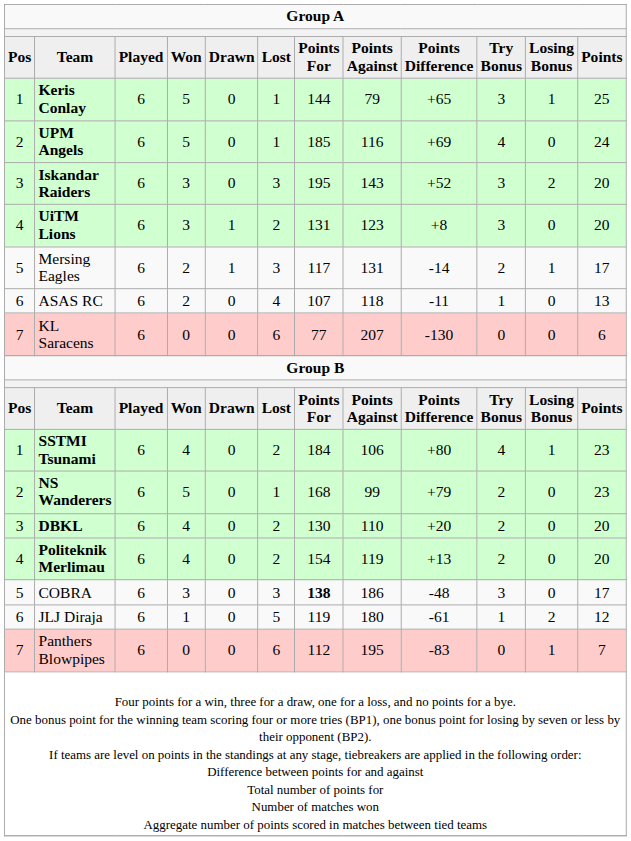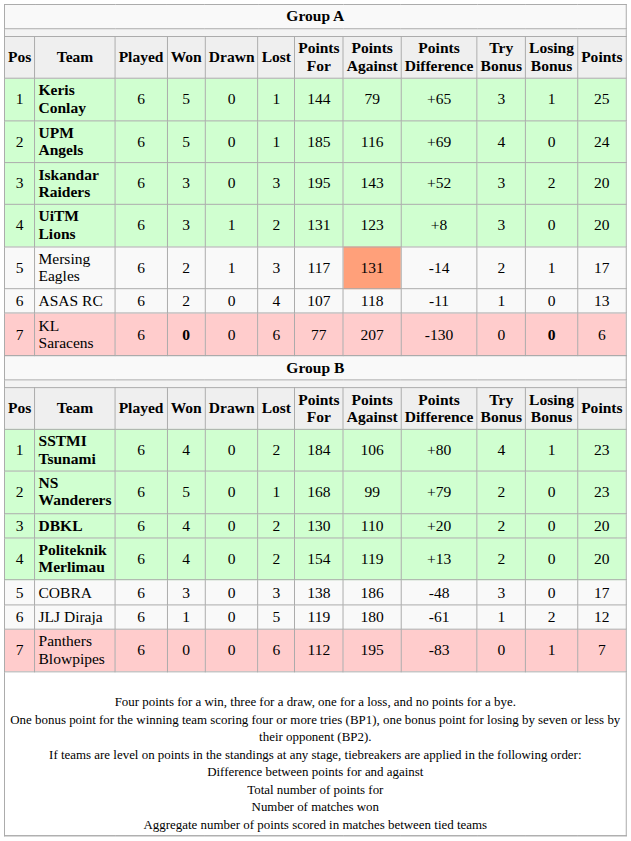 <table class="wikitable" style="text-align: center;">
 <tr bgcolor="#f9f9f9">
 <td colspan="15" cellpadding="0" cellspacing="0"><strong>Group A</strong></td>
 </tr>
 <tr bgcolor="#f3f3f3">
 <td colspan="15" cellpadding="0" cellspacing="0"></td>
 </tr>
 <tr style="font-weight: bold;">
 <td bgcolor="#efefef" width="20">Pos</td>
 <td bgcolor="#efefef" width="195">Team</td>
 <td bgcolor="#efefef" width="20">Played</td>
 <td bgcolor="#efefef" width="20">Won</td>
 <td bgcolor="#efefef" width="20">Drawn</td>
 <td bgcolor="#efefef" width="20">Lost</td>
 <td bgcolor="#efefef" width="20">Points For</td>
 <td bgcolor="#efefef" width="20">Points Against</td>
 <td bgcolor="#efefef" width="20">Points Difference</td>
 <td bgcolor="#efefef" width="20">Try Bonus</td>
 <td bgcolor="#efefef" width="20">Losing Bonus</td>
 <td bgcolor="#efefef" width="20">Points<br></td>
 </tr>
 <tr bgcolor=#d0ffd0 align=center>
 <td>1</td>
 <td align=left><strong>Keris Conlay</strong></td>
 <td>6</td>
 <td>5</td>
 <td>0</td>
 <td>1</td>
 <td>144</td>
 <td>79</td>
 <td>+65</td>
 <td>3</td>
 <td>1</td>
 <td>25</td>
 </tr>
 <tr bgcolor=#d0ffd0 align=center>
 <td>2</td>
 <td align=left><strong>UPM Angels</strong></td>
 <td>6</td>
 <td>5</td>
 <td>0</td>
 <td>1</td>
 <td>185</td>
 <td>116</td>
 <td>+69</td>
 <td>4</td>
 <td>0</td>
 <td>24</td>
 </tr>
 <tr bgcolor=#d0ffd0 align=center>
 <td>3</td>
 <td align=left><strong>Iskandar Raiders</strong></td>
 <td>6</td>
 <td>3</td>
 <td>0</td>
 <td>3</td>
 <td>195</td>
 <td>143</td>
 <td>+52</td>
 <td>3</td>
 <td>2</td>
 <td>20</td>
 </tr>
 <tr bgcolor=#d0ffd0 align=center>
 <td>4</td>
 <td align=left><strong>UiTM Lions</strong></td>
 <td>6</td>
 <td>3</td>
 <td>1</td>
 <td>2</td>
 <td>131</td>
 <td>123</td>
 <td>+8</td>
 <td>3</td>
 <td>0</td>
 <td>20</td>
 </tr>
 <tr align=center>
 <td>5</td>
 <td align=left>Mersing Eagles</td>
 <td>6</td>
 <td>2</td>
 <td>1</td>
 <td>3</td>
 <td>117</td>
-<td>131</td>
+<td style="background: lightsalmon;">131</td>
 <td>-14</td>
 <td>2</td>
 <td>1</td>
 <td>17</td>
 </tr>
 <tr align=center>
 <td>6</td>
 <td align=left>ASAS RC</td>
 <td>6</td>
 <td>2</td>
 <td>0</td>
 <td>4</td>
 <td>107</td>
 <td>118</td>
 <td>-11</td>
 <td>1</td>
 <td>0</td>
 <td>13</td>
 </tr>
 <tr bgcolor=#FFCCCC align=center>
 <td>7</td>
 <td align=left>KL Saracens</td>
 <td>6</td>
-<td>0</td>
+<td><strong>0</strong></td>
 <td>0</td>
 <td>6</td>
 <td>77</td>
 <td>207</td>
 <td>-130</td>
 <td>0</td>
-<td>0</td>
+<td><strong>0</strong></td>
 <td>6</td>
 </tr>
 <tr>
 </tr>
 <tr bgcolor="#f9f9f9">
 <td colspan="15" cellpadding="0" cellspacing="0"><strong>Group B</strong></td>
 </tr>
 <tr bgcolor="#f3f3f3">
 <td colspan="15" cellpadding="0" cellspacing="0"></td>
 </tr>
 <tr style="font-weight: bold;">
 <td bgcolor="#efefef" width="20">Pos</td>
 <td bgcolor="#efefef" width="195">Team</td>
 <td bgcolor="#efefef" width="20">Played</td>
 <td bgcolor="#efefef" width="20">Won</td>
 <td bgcolor="#efefef" width="20">Drawn</td>
 <td bgcolor="#efefef" width="20">Lost</td>
 <td bgcolor="#efefef" width="20">Points For</td>
 <td bgcolor="#efefef" width="20">Points Against</td>
 <td bgcolor="#efefef" width="20">Points Difference</td>
 <td bgcolor="#efefef" width="20">Try Bonus</td>
 <td bgcolor="#efefef" width="20">Losing Bonus</td>
 <td bgcolor="#efefef" width="20">Points<br></td>
 </tr>
 <tr bgcolor=#d0ffd0 align=center>
 <td>1</td>
 <td align=left><strong>SSTMI Tsunami</strong></td>
 <td>6</td>
 <td>4</td>
 <td>0</td>
 <td>2</td>
 <td>184</td>
 <td>106</td>
 <td>+80</td>
 <td>4</td>
 <td>1</td>
 <td>23</td>
 </tr>
 <tr bgcolor=#d0ffd0 align=center>
 <td>2</td>
 <td align=left><strong>NS Wanderers</strong></td>
 <td>6</td>
 <td>5</td>
 <td>0</td>
 <td>1</td>
 <td>168</td>
 <td>99</td>
 <td>+79</td>
 <td>2</td>
 <td>0</td>
 <td>23</td>
 </tr>
 <tr bgcolor=#d0ffd0 align=center>
 <td>3</td>
 <td align=left><strong>DBKL</strong></td>
 <td>6</td>
 <td>4</td>
 <td>0</td>
 <td>2</td>
 <td>130</td>
 <td>110</td>
 <td>+20</td>
 <td>2</td>
 <td>0</td>
 <td>20</td>
 </tr>
 <tr bgcolor=#d0ffd0 align=center>
 <td>4</td>
 <td align=left><strong>Politeknik Merlimau</strong></td>
 <td>6</td>
 <td>4</td>
 <td>0</td>
 <td>2</td>
 <td>154</td>
 <td>119</td>
 <td>+13</td>
 <td>2</td>
 <td>0</td>
 <td>20</td>
 </tr>
 <tr align=center>
 <td>5</td>
 <td align=left>COBRA</td>
 <td>6</td>
 <td>3</td>
 <td>0</td>
 <td>3</td>
-<td><strong>138</strong></td>
+<td>138</td>
 <td>186</td>
 <td>-48</td>
 <td>3</td>
 <td>0</td>
 <td>17</td>
 </tr>
 <tr align=center>
 <td>6</td>
 <td align=left>JLJ Diraja</td>
 <td>6</td>
 <td>1</td>
 <td>0</td>
 <td>5</td>
 <td>119</td>
 <td>180</td>
 <td>-61</td>
 <td>1</td>
 <td>2</td>
 <td>12</td>
 </tr>
 <tr bgcolor=#FFCCCC align=center>
 <td>7</td>
 <td align=left>Panthers Blowpipes</td>
 <td>6</td>
 <td>0</td>
 <td>0</td>
 <td>6</td>
 <td>112</td>
 <td>195</td>
 <td>-83</td>
 <td>0</td>
 <td>1</td>
 <td>7</td>
 </tr>
 <tr bgcolor="#ffffff" align=center>
 <td colspan="15"><br><small>Four points for a win, three for a draw, one for a loss, and no points for a bye.<br> One bonus point for the winning team scoring four or more tries (BP1), one bonus point for losing by seven or less by their opponent (BP2).<br> If teams are level on points in the standings at any stage, tiebreakers are applied in the following order:<br>  Difference between points for and against<br>  Total number of points for<br>  Number of matches won<br>  Aggregate number of points scored in matches between tied teams<br></small></td>
 </tr>
 <tr |align=left|>
 </tr>
 </table>
